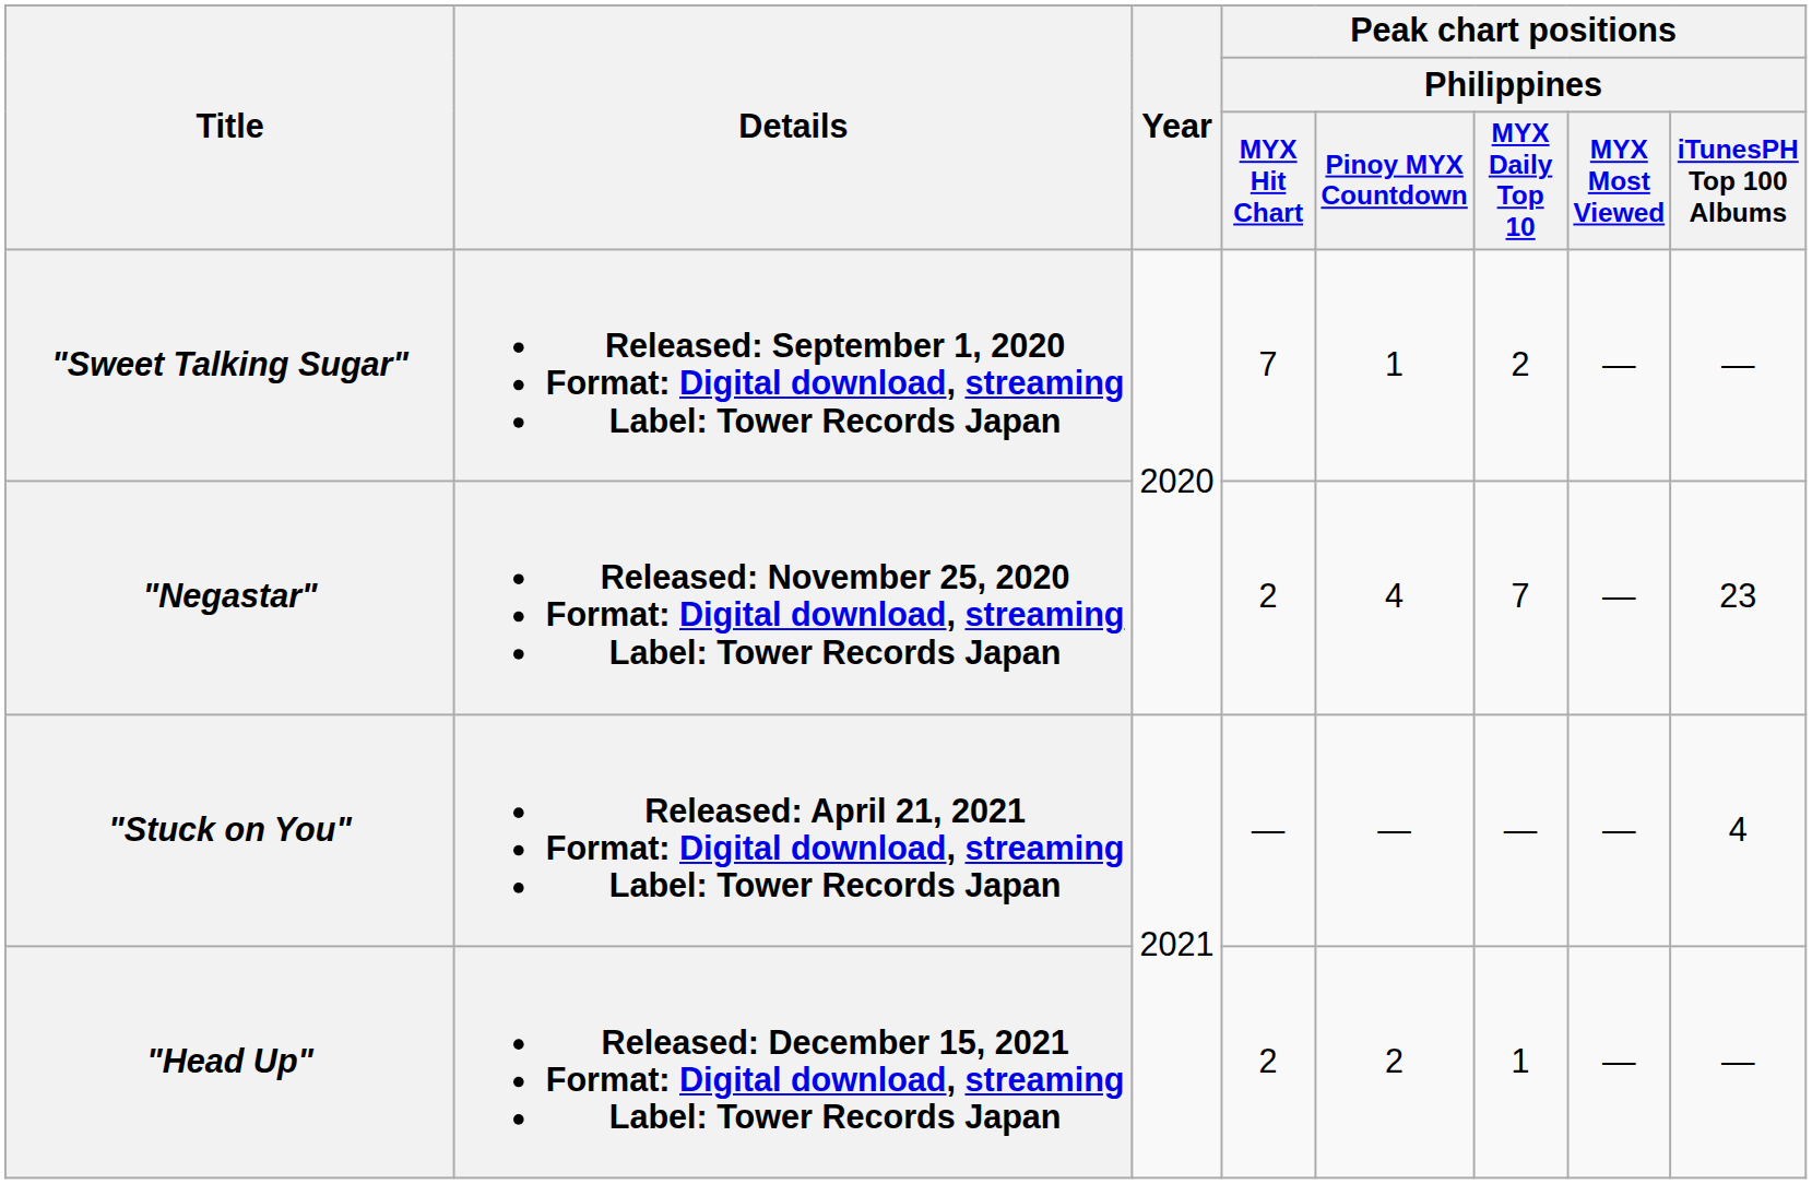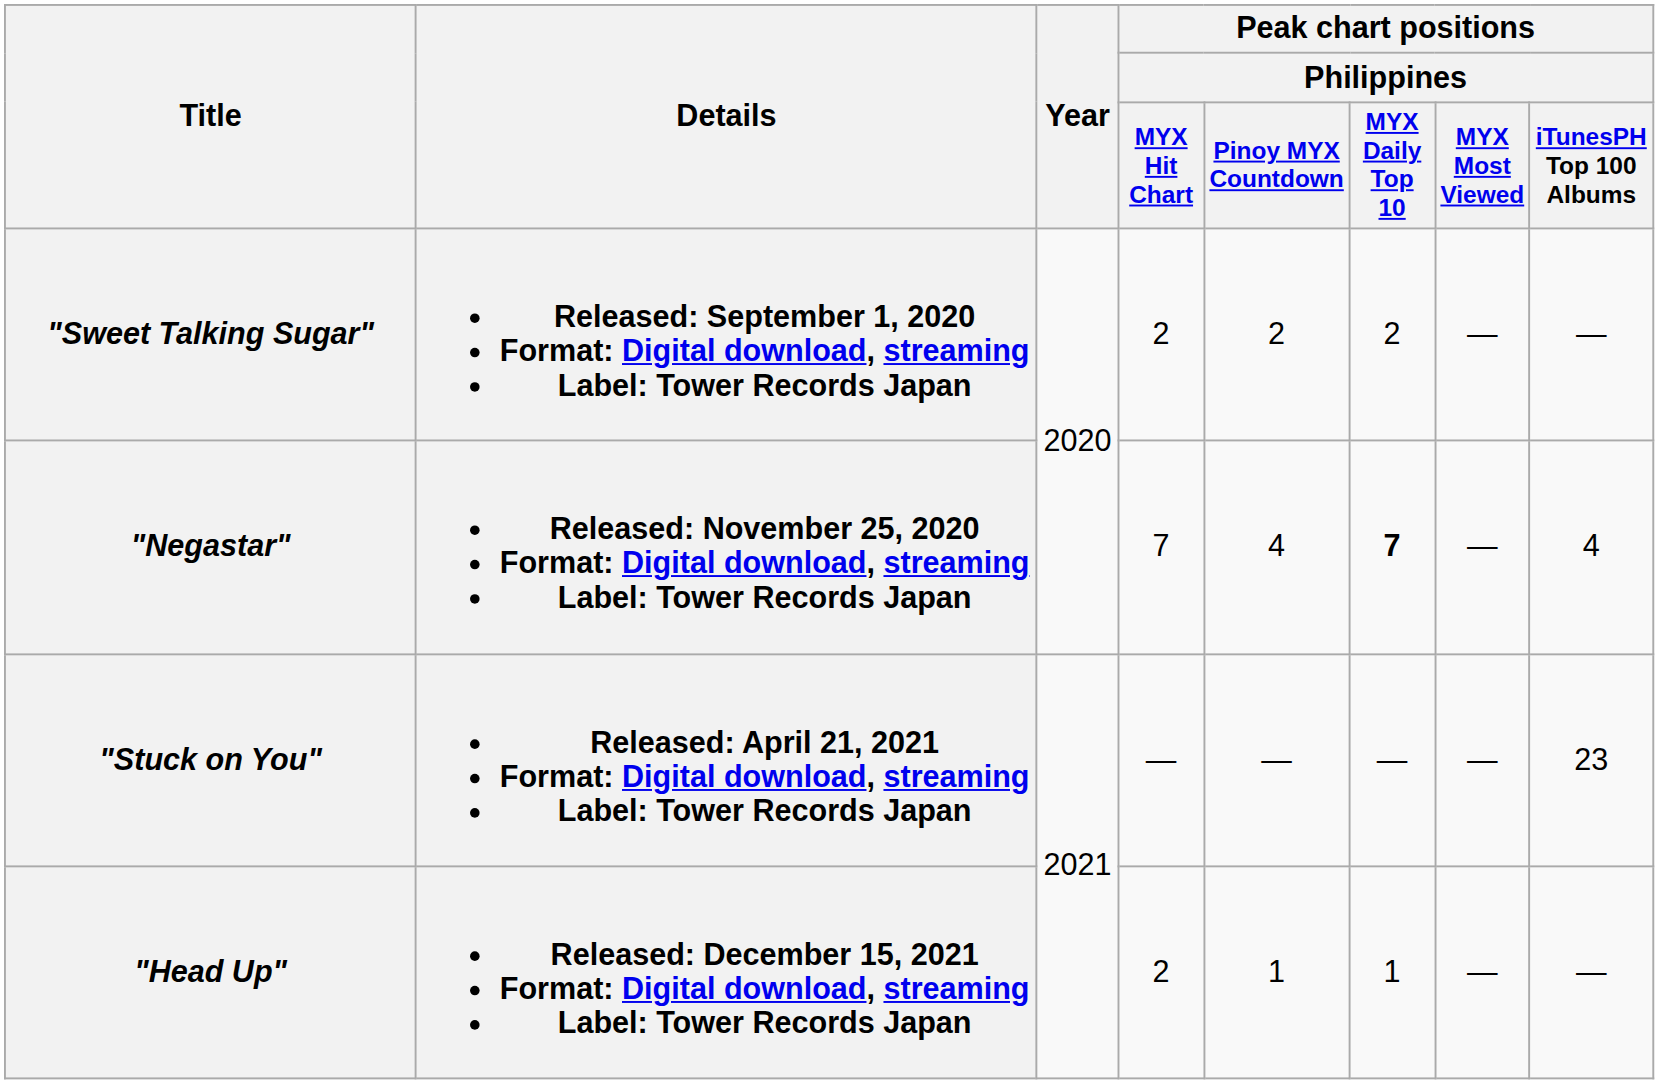 <table class="wikitable plainrowheaders" style="text-align:center;">
 <tr>
 <th rowspan="3" scope="col" style="width:13em;">Title</th>
 <th rowspan="3">Details</th>
 <th rowspan="3" scope="col">Year</th>
 <th colspan="5" scope="col">Peak chart positions</th>
 </tr>
 <tr>
 <th colspan="5" scope="col">Philippines</th>
 </tr>
 <tr>
 <th scope="col" style="width:3em;font-size:80%;"><a href='#'>MYX Hit Chart</a></th>
 <th scope="col" style="width:3em;font-size:80%;"><a href='#'>Pinoy MYX Countdown</a></th>
 <th scope="col" style="width:3em;font-size:80%;"><a href='#'>MYX Daily Top 10</a></th>
 <th scope="col" style="width:3em;font-size:80%;"><a href='#'>MYX Most Viewed</a></th>
 <th scope="col" style="width:3em;font-size:80%;"><a href='#'>iTunesPH</a> Top 100 Albums<br></th>
 </tr>
 <tr>
 <th scope="row"><em>"Sweet Talking Sugar"</em></th>
 <th><br><ul><li>Released: September 1, 2020</li><li>Format: <a href='#'>Digital download</a>, <a href='#'>streaming</a></li><li>Label: Tower Records Japan</li></ul></th>
 <td rowspan="2">2020</td>
-<td>7</td>
-<td>1</td>
+<td>2</td>
+<td>2</td>
 <td>2</td>
 <td>—</td>
 <td>—</td>
 </tr>
 <tr>
 <th scope="row"><em>"Negastar"</em></th>
 <th><br><ul><li>Released: November 25, 2020</li><li>Format: <a href='#'>Digital download</a>, <a href='#'>streaming</a></li><li>Label: Tower Records Japan</li></ul></th>
-<td>2</td>
+<td>7</td>
 <td>4</td>
-<td>7</td>
+<td><strong>7</strong></td>
 <td>—</td>
-<td>23</td>
+<td>4</td>
 </tr>
 <tr>
 <th scope="row"><em>"Stuck on You"</em></th>
 <th><br><ul><li>Released: April 21, 2021</li><li>Format: <a href='#'>Digital download</a>, <a href='#'>streaming</a></li><li>Label: Tower Records Japan</li></ul></th>
 <td rowspan="2">2021</td>
 <td>—</td>
 <td>—</td>
 <td>—</td>
 <td>—</td>
-<td>4</td>
+<td>23</td>
 </tr>
 <tr>
 <th scope="row"><em>"Head Up"</em></th>
 <th><br><ul><li>Released: December 15, 2021</li><li>Format: <a href='#'>Digital download</a>, <a href='#'>streaming</a></li><li>Label: Tower Records Japan</li></ul></th>
 <td>2</td>
-<td>2</td>
+<td>1</td>
 <td>1</td>
 <td>—</td>
 <td>—</td>
 </tr>
 </table>
